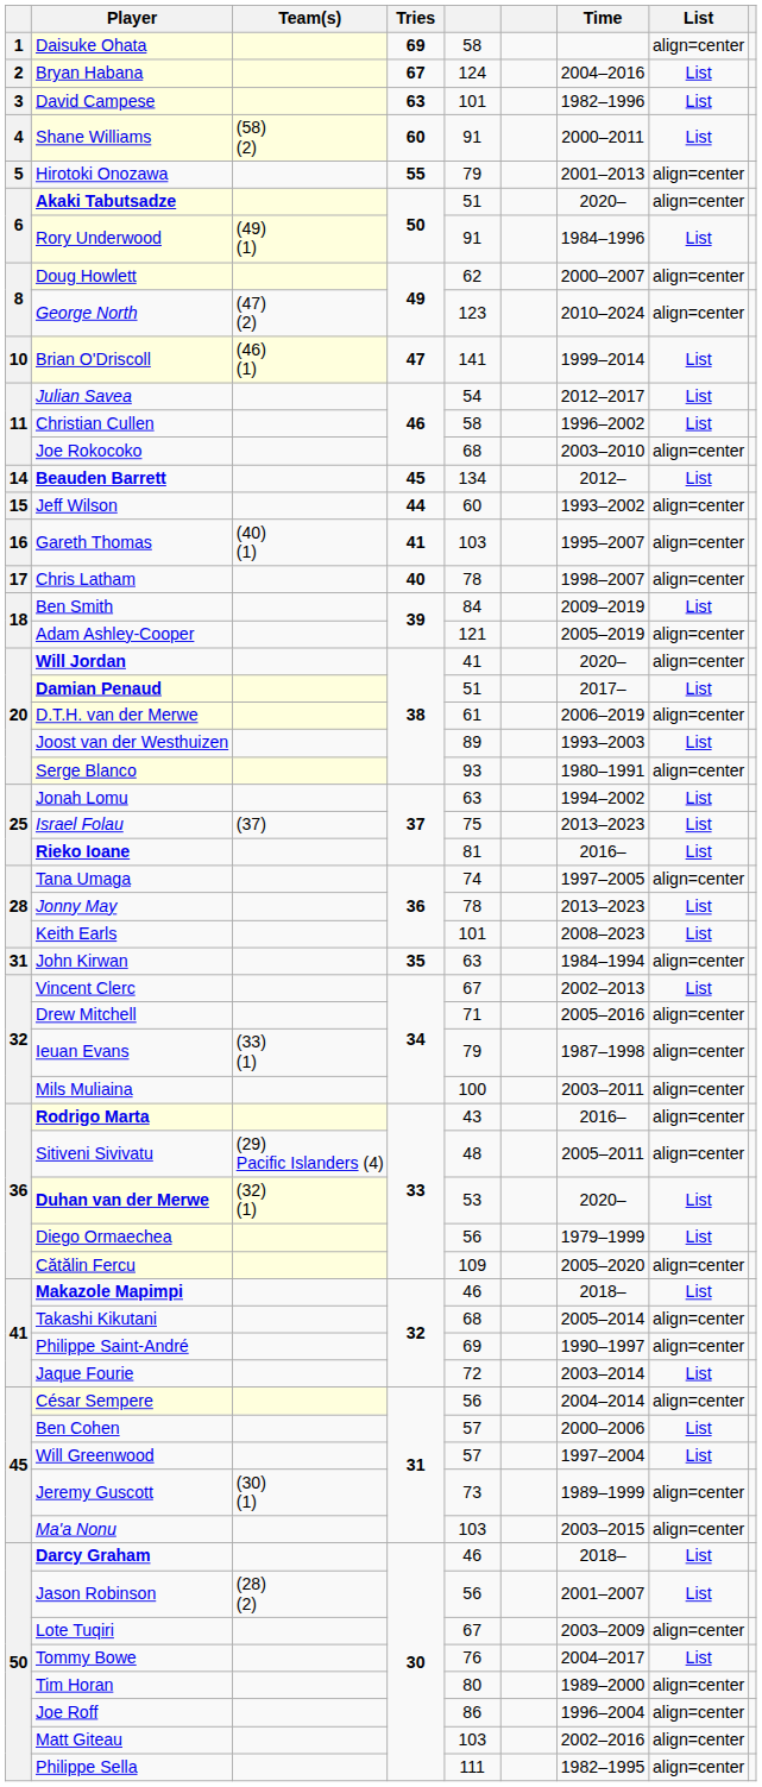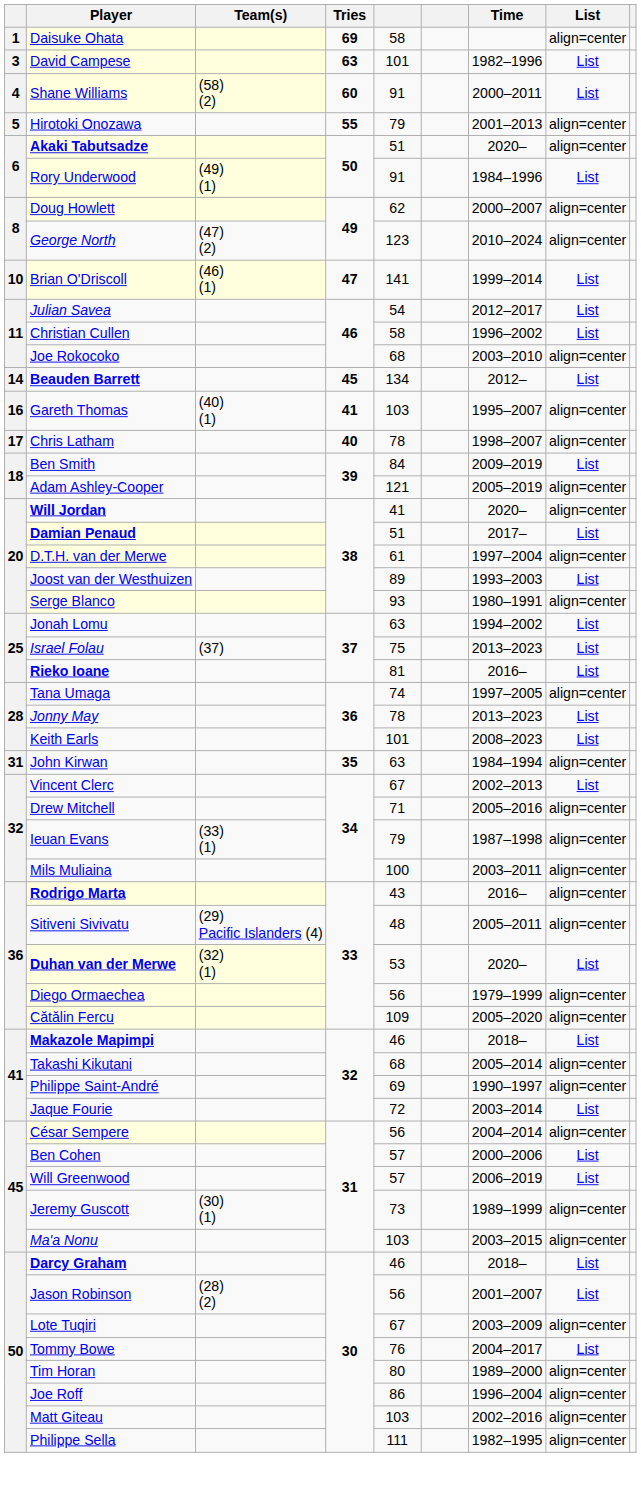 <table class="wikitable sortable" style="font-size:97%">
 <tr>
 <th></th>
 <th>Player</th>
 <th>Team(s)</th>
 <th width="45">Tries</th>
 <th width="45"></th>
 <th width="45"></th>
 <th>Time</th>
 <th width="45">List</th>
 <th></th>
 </tr>
 <tr>
 <th>1</th>
 <td bgcolor=#FFFFDD><a href='#'>Daisuke Ohata</a></td>
 <td bgcolor=#FFFFDD></td>
 <td align=center><strong>69</strong></td>
 <td align=center>58</td>
 <td align=center></td>
 <td align=center></td>
 <td>align=center </td>
-<td align=center></td>
-</tr>
-<tr>
-<th>2</th>
-<td bgcolor=#FFFFDD><a href='#'>Bryan Habana</a></td>
-<td bgcolor=#FFFFDD></td>
-<td align=center><strong>67</strong></td>
-<td align=center>124</td>
-<td align=center></td>
-<td align=center>2004–2016</td>
-<td align=center><a href='#'>List</a></td>
 <td align=center></td>
 </tr>
 <tr>
 <th>3</th>
 <td bgcolor=#FFFFDD><a href='#'>David Campese</a></td>
 <td bgcolor=#FFFFDD></td>
 <td align=center><strong>63</strong></td>
 <td align=center>101</td>
 <td align=center></td>
 <td align=center>1982–1996</td>
 <td align=center><a href='#'>List</a></td>
 <td align=center></td>
 </tr>
 <tr>
 <th>4</th>
 <td bgcolor=#FFFFDD><a href='#'>Shane Williams</a></td>
 <td bgcolor=#FFFFDD> (58) <br>  (2)</td>
 <td align=center><strong>60</strong></td>
 <td align=center>91</td>
 <td align=center></td>
 <td align=center>2000–2011</td>
 <td align=center><a href='#'>List</a></td>
 <td align=center></td>
 </tr>
 <tr>
 <th>5</th>
 <td><a href='#'>Hirotoki Onozawa</a></td>
 <td></td>
 <td align=center><strong>55</strong></td>
 <td align=center>79</td>
 <td align=center></td>
 <td align=center>2001–2013</td>
 <td>align=center </td>
 <td align=center></td>
 </tr>
 <tr>
 <th rowspan=2>6</th>
 <td bgcolor=#FFFFDD><strong><a href='#'>Akaki Tabutsadze</a></strong></td>
 <td bgcolor=#FFFFDD></td>
 <td align=center rowspan=2><strong>50</strong></td>
 <td align=center>51</td>
 <td align=center></td>
 <td align=center>2020–</td>
 <td>align=center </td>
 <td align=center></td>
 </tr>
 <tr>
 <td bgcolor=#FFFFDD><a href='#'>Rory Underwood</a></td>
 <td bgcolor=#FFFFDD> (49)<br>  (1)</td>
 <td align=center>91</td>
 <td align=center></td>
 <td align=center>1984–1996</td>
 <td align=center><a href='#'>List</a></td>
 <td align=center></td>
 </tr>
 <tr>
 <th rowspan=2>8</th>
 <td bgcolor=#FFFFDD><a href='#'>Doug Howlett</a></td>
 <td bgcolor=#FFFFDD></td>
 <td align=center rowspan=2><strong>49</strong></td>
 <td align=center>62</td>
 <td align=center></td>
 <td align=center>2000–2007</td>
 <td>align=center </td>
 <td align=center></td>
 </tr>
 <tr>
 <td><em><a href='#'>George North</a></em></td>
 <td> (47) <br>  (2)</td>
 <td align=center>123</td>
 <td align=center></td>
 <td align=center>2010–2024</td>
 <td>align=center </td>
 <td align=center></td>
 </tr>
 <tr>
 <th>10</th>
 <td bgcolor=#FFFFDD><a href='#'>Brian O'Driscoll</a></td>
 <td bgcolor=#FFFFDD> (46)<br>  (1)</td>
 <td align=center><strong>47</strong></td>
 <td align=center>141</td>
 <td align=center></td>
 <td align=center>1999–2014</td>
 <td align=center><a href='#'>List</a></td>
 <td align=center></td>
 </tr>
 <tr>
 <th rowspan=3>11</th>
 <td><em><a href='#'>Julian Savea</a></em></td>
 <td></td>
 <td align=center rowspan=3><strong>46</strong></td>
 <td align=center>54</td>
 <td align=center></td>
 <td align=center>2012–2017</td>
 <td align=center><a href='#'>List</a></td>
 <td align=center></td>
 </tr>
 <tr>
 <td><a href='#'>Christian Cullen</a></td>
 <td></td>
 <td align=center>58</td>
 <td align=center></td>
 <td align=center>1996–2002</td>
 <td align=center><a href='#'>List</a></td>
 <td align=center></td>
 </tr>
 <tr>
 <td><a href='#'>Joe Rokocoko</a></td>
 <td></td>
 <td align=center>68</td>
 <td align=center></td>
 <td align=center>2003–2010</td>
 <td>align=center </td>
 <td align=center></td>
 </tr>
 <tr>
 <th>14</th>
 <td><strong><a href='#'>Beauden Barrett</a></strong></td>
 <td></td>
 <td align=center><strong>45</strong></td>
 <td align=center>134</td>
 <td align=center></td>
 <td align=center>2012–</td>
 <td align=center><a href='#'>List</a></td>
 <td align=center></td>
 </tr>
 <tr>
-<th>15</th>
-<td><a href='#'>Jeff Wilson</a></td>
-<td></td>
-<td align=center><strong>44</strong></td>
-<td align=center>60</td>
-<td align=center></td>
-<td align=center>1993–2002</td>
-<td>align=center </td>
-<td align=center></td>
-</tr>
-<tr>
 <th>16</th>
 <td><a href='#'>Gareth Thomas</a></td>
 <td> (40) <br>  (1)</td>
 <td align=center><strong>41</strong></td>
 <td align=center>103</td>
 <td align=center></td>
 <td align=center>1995–2007</td>
 <td>align=center </td>
 <td align=center></td>
 </tr>
 <tr>
 <th>17</th>
 <td><a href='#'>Chris Latham</a></td>
 <td></td>
 <td align=center><strong>40</strong></td>
 <td align=center>78</td>
 <td align=center></td>
 <td align=center>1998–2007</td>
 <td>align=center </td>
 <td align=center></td>
 </tr>
 <tr>
 <th rowspan=2>18</th>
 <td><a href='#'>Ben Smith</a></td>
 <td></td>
 <td align=center rowspan=2><strong>39</strong></td>
 <td align=center>84</td>
 <td align=center></td>
 <td align=center>2009–2019</td>
 <td align=center><a href='#'>List</a></td>
 <td align=center></td>
 </tr>
 <tr>
 <td><a href='#'>Adam Ashley-Cooper</a></td>
 <td></td>
 <td align=center>121</td>
 <td align=center></td>
 <td align=center>2005–2019</td>
 <td>align=center </td>
 <td align=center></td>
 </tr>
 <tr>
 <th rowspan=5>20</th>
 <td><strong><a href='#'>Will Jordan</a></strong></td>
 <td></td>
 <td align=center rowspan=5><strong>38</strong></td>
 <td align=center>41</td>
 <td align=center></td>
 <td align=center>2020–</td>
 <td>align=center </td>
 <td align=center></td>
 </tr>
 <tr>
 <td bgcolor=#FFFFDD><strong><a href='#'>Damian Penaud</a></strong></td>
 <td bgcolor=#FFFFDD></td>
 <td align=center>51</td>
 <td align=center></td>
 <td align=center>2017–</td>
 <td align=center><a href='#'>List</a></td>
 <td align=center></td>
 </tr>
 <tr>
 <td bgcolor=#FFFFDD><a href='#'>D.T.H. van der Merwe</a></td>
 <td bgcolor=#FFFFDD></td>
 <td align=center>61</td>
 <td align=center></td>
-<td align=center>2006–2019</td>
+<td align=center>1997–2004</td>
 <td>align=center </td>
 <td align=center></td>
 </tr>
 <tr>
 <td><a href='#'>Joost van der Westhuizen</a></td>
 <td></td>
 <td align=center>89</td>
 <td align=center></td>
 <td align=center>1993–2003</td>
 <td align=center><a href='#'>List</a></td>
 <td align=center></td>
 </tr>
 <tr>
 <td bgcolor=#FFFFDD><a href='#'>Serge Blanco</a></td>
 <td bgcolor=#FFFFDD></td>
 <td align=center>93</td>
 <td align=center></td>
 <td align=center>1980–1991</td>
 <td>align=center </td>
 <td align=center></td>
 </tr>
 <tr>
 <th rowspan=3>25</th>
 <td><a href='#'>Jonah Lomu</a></td>
 <td></td>
 <td align=center rowspan=3><strong>37</strong></td>
 <td align=center>63</td>
 <td align=center></td>
 <td align=center>1994–2002</td>
 <td align=center><a href='#'>List</a></td>
 <td align=center></td>
 </tr>
 <tr>
 <td><em><a href='#'>Israel Folau</a></em></td>
 <td> (37) <br> </td>
 <td align=center>75</td>
 <td align=center></td>
 <td align=center>2013–2023</td>
 <td align=center><a href='#'>List</a></td>
 <td align=center></td>
 </tr>
 <tr>
 <td><strong><a href='#'>Rieko Ioane</a></strong></td>
 <td></td>
 <td align=center>81</td>
 <td align=center></td>
 <td align=center>2016–</td>
 <td align=center><a href='#'>List</a></td>
 <td align=center></td>
 </tr>
 <tr>
 <th rowspan=3>28</th>
 <td><a href='#'>Tana Umaga</a></td>
 <td></td>
 <td align=center rowspan=3><strong>36</strong></td>
 <td align=center>74</td>
 <td align=center></td>
 <td align=center>1997–2005</td>
 <td>align=center </td>
 <td align=center></td>
 </tr>
 <tr>
 <td><em><a href='#'>Jonny May</a></em></td>
 <td></td>
 <td align=center>78</td>
 <td align=center></td>
 <td align=center>2013–2023</td>
 <td align=center><a href='#'>List</a></td>
 <td align=center></td>
 </tr>
 <tr>
 <td><a href='#'>Keith Earls</a></td>
 <td></td>
 <td align=center>101</td>
 <td align=center></td>
 <td align=center>2008–2023</td>
 <td align=center><a href='#'>List</a></td>
 <td align=center></td>
 </tr>
 <tr>
 <th>31</th>
 <td><a href='#'>John Kirwan</a></td>
 <td></td>
 <td align=center><strong>35</strong></td>
 <td align=center>63</td>
 <td align=center></td>
 <td align=center>1984–1994</td>
 <td>align=center </td>
 <td align=center></td>
 </tr>
 <tr>
 <th rowspan=4>32</th>
 <td><a href='#'>Vincent Clerc</a></td>
 <td></td>
 <td align=center rowspan=4><strong>34</strong></td>
 <td align=center>67</td>
 <td align=center></td>
 <td align=center>2002–2013</td>
 <td align=center><a href='#'>List</a></td>
 <td align=center></td>
 </tr>
 <tr>
 <td><a href='#'>Drew Mitchell</a></td>
 <td></td>
 <td align=center>71</td>
 <td align=center></td>
 <td align=center>2005–2016</td>
 <td>align=center </td>
 <td align=center></td>
 </tr>
 <tr>
 <td><a href='#'>Ieuan Evans</a></td>
 <td> (33)<br>  (1)</td>
 <td align=center>79</td>
 <td align=center></td>
 <td align=center>1987–1998</td>
 <td>align=center </td>
 <td align=center></td>
 </tr>
 <tr>
 <td><a href='#'>Mils Muliaina</a></td>
 <td></td>
 <td align=center>100</td>
 <td align=center></td>
 <td align=center>2003–2011</td>
 <td>align=center </td>
 <td align=center></td>
 </tr>
 <tr>
 <th rowspan=5>36</th>
 <td bgcolor=#FFFFDD><strong><a href='#'>Rodrigo Marta</a></strong></td>
 <td bgcolor=#FFFFDD></td>
 <td align=center rowspan=5><strong>33</strong></td>
 <td align=center>43</td>
 <td align=center></td>
 <td align=center>2016–</td>
 <td>align=center </td>
 <td align=center></td>
 </tr>
 <tr>
 <td><a href='#'>Sitiveni Sivivatu</a></td>
 <td> (29) <br>  <a href='#'>Pacific Islanders</a> (4)</td>
 <td align=center>48</td>
 <td align=center></td>
 <td align=center>2005–2011</td>
 <td>align=center </td>
 <td align=center></td>
 </tr>
 <tr>
 <td bgcolor=#FFFFDD><strong><a href='#'>Duhan van der Merwe</a></strong></td>
 <td bgcolor=#FFFFDD> (32)<br>  (1)</td>
 <td align=center>53</td>
 <td align=center></td>
 <td align=center>2020–</td>
 <td align=center><a href='#'>List</a></td>
 <td align=center></td>
 </tr>
 <tr>
 <td bgcolor=#FFFFDD><a href='#'>Diego Ormaechea</a></td>
 <td bgcolor=#FFFFDD></td>
 <td align=center>56</td>
 <td align=center></td>
 <td align=center>1979–1999</td>
-<td align=center><a href='#'>List</a></td>
+<td>align=center </td>
 <td align=center></td>
 </tr>
 <tr>
 <td bgcolor=#FFFFDD><a href='#'>Cătălin Fercu</a></td>
 <td bgcolor=#FFFFDD></td>
 <td align=center>109</td>
 <td align=center></td>
 <td align=center>2005–2020</td>
 <td>align=center </td>
 <td align=center></td>
 </tr>
 <tr>
 <th rowspan=4>41</th>
 <td><strong><a href='#'>Makazole Mapimpi</a></strong></td>
 <td></td>
 <td align=center rowspan=4><strong>32</strong></td>
 <td align=center>46</td>
 <td align=center></td>
 <td align=center>2018–</td>
 <td align=center><a href='#'>List</a></td>
 <td align=center></td>
 </tr>
 <tr>
 <td><a href='#'>Takashi Kikutani</a></td>
 <td></td>
 <td align=center>68</td>
 <td align=center></td>
 <td align=center>2005–2014</td>
 <td>align=center </td>
 <td align=center></td>
 </tr>
 <tr>
 <td><a href='#'>Philippe Saint-André</a></td>
 <td></td>
 <td align=center>69</td>
 <td align=center></td>
 <td align=center>1990–1997</td>
 <td>align=center </td>
 <td align=center></td>
 </tr>
 <tr>
 <td><a href='#'>Jaque Fourie</a></td>
 <td></td>
 <td align=center>72</td>
 <td align=center></td>
 <td align=center>2003–2014</td>
 <td align=center><a href='#'>List</a></td>
 <td align=center></td>
 </tr>
 <tr>
 <th rowspan=5>45</th>
 <td bgcolor=#FFFFDD><a href='#'>César Sempere</a></td>
 <td bgcolor=#FFFFDD></td>
 <td align=center rowspan=5><strong>31</strong></td>
 <td align=center>56</td>
 <td align=center></td>
 <td align=center>2004–2014</td>
 <td>align=center </td>
 <td align=center></td>
 </tr>
 <tr>
 <td><a href='#'>Ben Cohen</a></td>
 <td></td>
 <td align=center>57</td>
 <td align=center></td>
 <td align=center>2000–2006</td>
 <td align=center><a href='#'>List</a></td>
 <td align=center></td>
 </tr>
 <tr>
 <td><a href='#'>Will Greenwood</a></td>
 <td></td>
 <td align=center>57</td>
 <td align=center></td>
-<td align=center>1997–2004</td>
+<td align=center>2006–2019</td>
 <td align=center><a href='#'>List</a></td>
 <td align=center></td>
 </tr>
 <tr>
 <td><a href='#'>Jeremy Guscott</a></td>
 <td> (30) <br>  (1)</td>
 <td align=center>73</td>
 <td align=center></td>
 <td align=center>1989–1999</td>
 <td>align=center </td>
 <td align=center></td>
 </tr>
 <tr>
 <td><em><a href='#'>Ma'a Nonu</a></em></td>
 <td></td>
 <td align=center>103</td>
 <td align=center></td>
 <td align=center>2003–2015</td>
 <td>align=center </td>
 <td align=center></td>
 </tr>
 <tr>
 <th rowspan=8>50</th>
 <td><strong><a href='#'>Darcy Graham</a></strong></td>
 <td></td>
 <td align="center" rowspan="8"><strong>30</strong></td>
 <td align=center>46</td>
 <td align=center></td>
 <td align=center>2018–</td>
 <td align=center><a href='#'>List</a></td>
 <td align=center></td>
 </tr>
 <tr>
 <td><a href='#'>Jason Robinson</a></td>
 <td> (28)<br>  (2)</td>
 <td align="center">56</td>
 <td align=center></td>
 <td align=center>2001–2007</td>
 <td align=center><a href='#'>List</a></td>
 <td align=center></td>
 </tr>
 <tr>
 <td><a href='#'>Lote Tuqiri</a></td>
 <td></td>
 <td align="center">67</td>
 <td align=center></td>
 <td align=center>2003–2009</td>
 <td>align=center </td>
 <td align=center></td>
 </tr>
 <tr>
 <td><a href='#'>Tommy Bowe</a></td>
 <td></td>
 <td align="center">76</td>
 <td align=center></td>
 <td align=center>2004–2017</td>
 <td align=center><a href='#'>List</a></td>
 <td align=center></td>
 </tr>
 <tr>
 <td><a href='#'>Tim Horan</a></td>
 <td></td>
 <td align="center">80</td>
 <td align=center></td>
 <td align=center>1989–2000</td>
 <td>align=center </td>
 <td align=center></td>
 </tr>
 <tr>
 <td><a href='#'>Joe Roff</a></td>
 <td></td>
 <td align="center">86</td>
 <td align=center></td>
 <td align=center>1996–2004</td>
 <td>align=center </td>
 <td align=center></td>
 </tr>
 <tr>
 <td><a href='#'>Matt Giteau</a></td>
 <td></td>
 <td align="center">103</td>
 <td align=center></td>
 <td align=center>2002–2016</td>
 <td>align=center </td>
 <td align=center></td>
 </tr>
 <tr>
 <td><a href='#'>Philippe Sella</a></td>
 <td></td>
 <td align="center">111</td>
 <td align=center></td>
 <td align=center>1982–1995</td>
 <td>align=center </td>
 <td align=center></td>
 </tr>
 </table>
